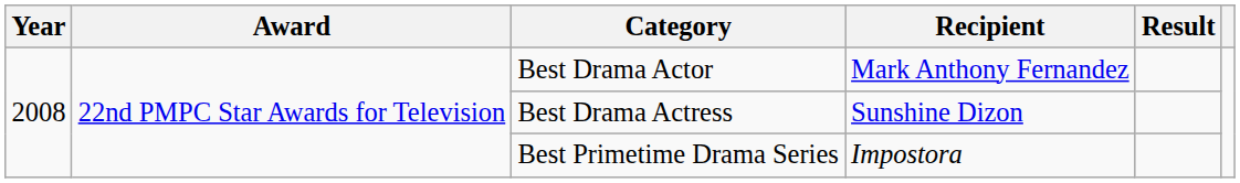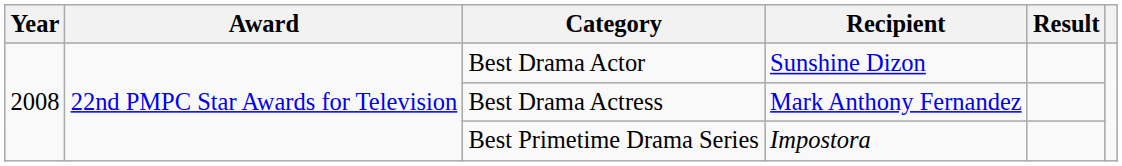 <table class="wikitable">
 <tr>
 <th>Year</th>
 <th>Award</th>
 <th>Category</th>
 <th>Recipient</th>
 <th>Result</th>
 <th></th>
 </tr>
 <tr>
 <td rowspan=3>2008</td>
 <td rowspan=3><a href='#'>22nd PMPC Star Awards for Television</a></td>
 <td>Best Drama Actor</td>
-<td><a href='#'>Mark Anthony Fernandez</a></td>
+<td><a href='#'>Sunshine Dizon</a></td>
 <td></td>
 <td rowspan=3></td>
 </tr>
 <tr>
 <td>Best Drama Actress</td>
-<td><a href='#'>Sunshine Dizon</a></td>
+<td><a href='#'>Mark Anthony Fernandez</a></td>
 <td></td>
 </tr>
 <tr>
 <td>Best Primetime Drama Series</td>
 <td><em>Impostora</em></td>
 <td></td>
 </tr>
 </table>
